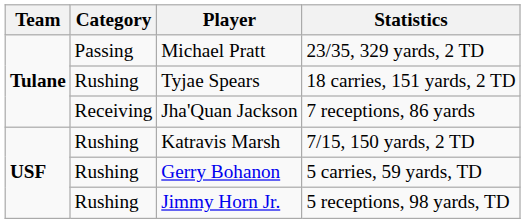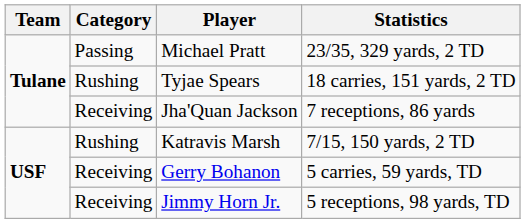 <table class="wikitable" style="float: right;">
 <tr>
 <th>Team</th>
 <th>Category</th>
 <th>Player</th>
 <th>Statistics</th>
 </tr>
 <tr>
 <td rowspan=3><strong>Tulane</strong></td>
 <td>Passing</td>
 <td>Michael Pratt</td>
 <td>23/35, 329 yards, 2 TD</td>
 </tr>
 <tr>
 <td>Rushing</td>
 <td>Tyjae Spears</td>
 <td>18 carries, 151 yards, 2 TD</td>
 </tr>
 <tr>
 <td>Receiving</td>
 <td>Jha'Quan Jackson</td>
 <td>7 receptions, 86 yards</td>
 </tr>
 <tr>
 <td rowspan=3><strong>USF</strong></td>
 <td>Rushing</td>
 <td>Katravis Marsh</td>
 <td>7/15, 150 yards, 2 TD</td>
 </tr>
 <tr>
-<td>Rushing</td>
+<td>Receiving</td>
 <td><a href='#'>Gerry Bohanon</a></td>
 <td>5 carries, 59 yards, TD</td>
 </tr>
 <tr>
-<td>Rushing</td>
+<td>Receiving</td>
 <td><a href='#'>Jimmy Horn Jr.</a></td>
 <td>5 receptions, 98 yards, TD</td>
 </tr>
 </table>
